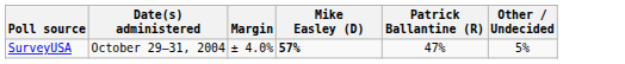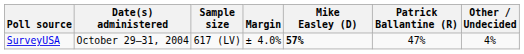 <table class="wikitable" style="font-size:90%">
 <tr valign=bottom>
 <th>Poll source</th>
 <th>Date(s)<br>administered</th>
+<th>Sample<br>size</th>
 <th>Margin<br></th>
 <th style="width:100px;">Mike<br>Easley (D)</th>
 <th style="width:100px;">Patrick<br>Ballantine (R)</th>
 <th>Other /<br>Undecided</th>
 </tr>
 <tr>
 <td><a href='#'>SurveyUSA</a></td>
 <td align=center>October 29–31, 2004</td>
+<td align=center>617 (LV)</td>
 <td align=center>± 4.0%</td>
 <td><strong>57%</strong></td>
 <td align=center>47%</td>
-<td align=center>5%</td>
+<td align=center>4%</td>
 </tr>
 </table>
